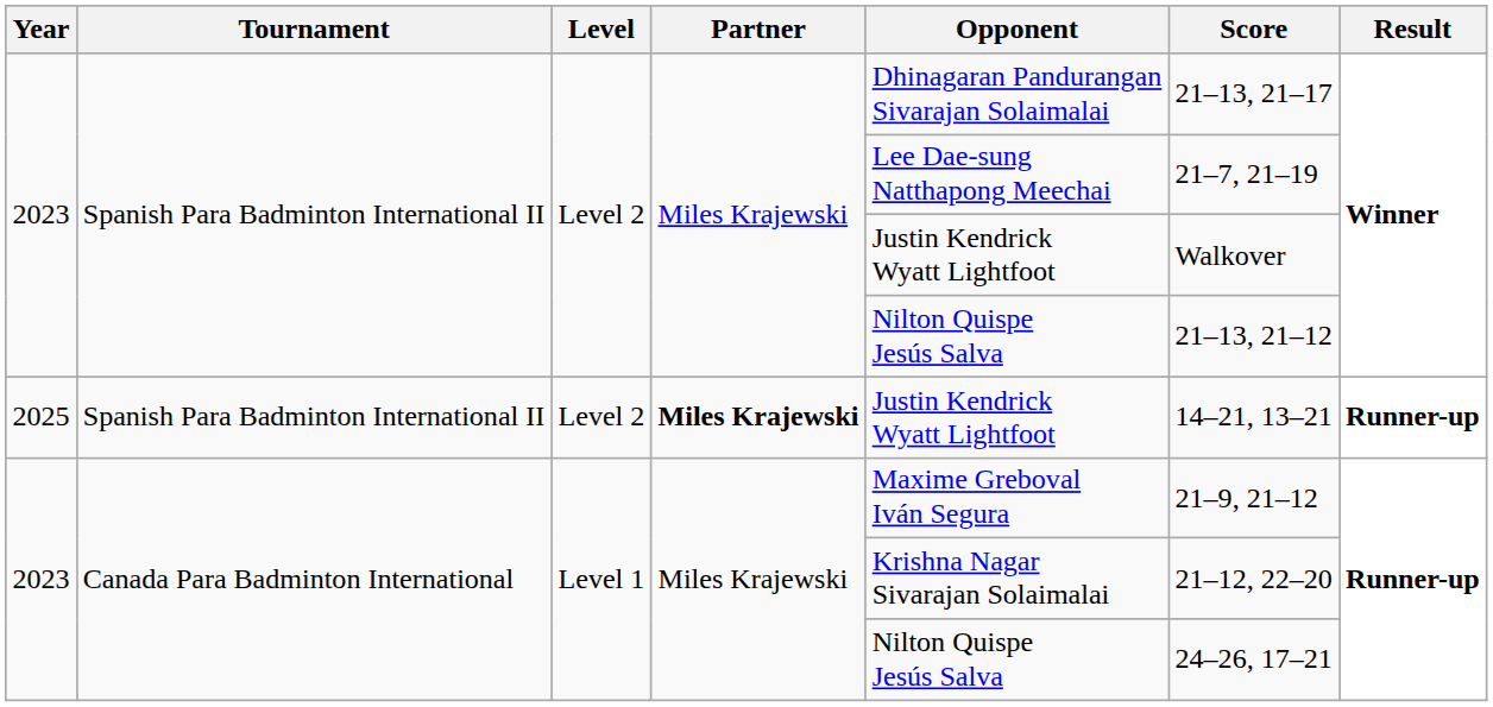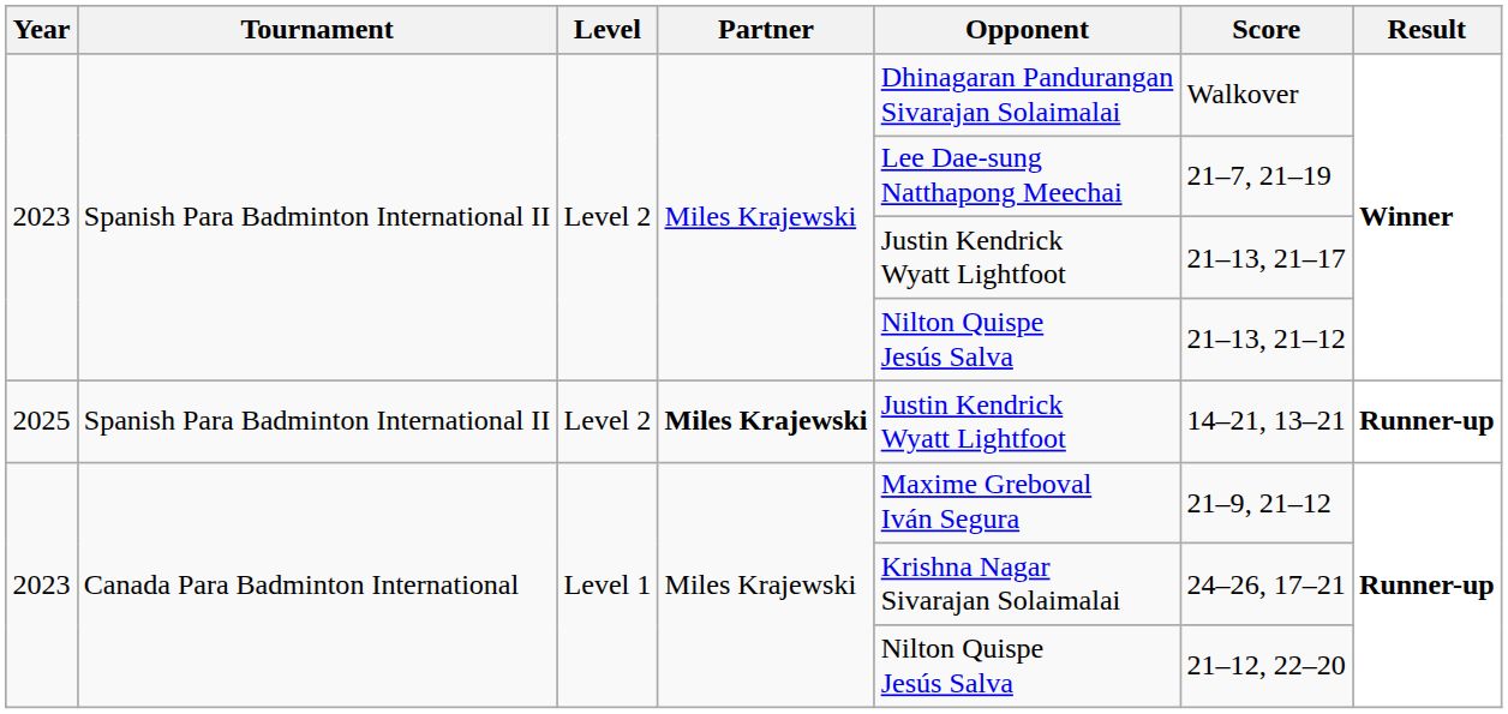 <table class="sortable wikitable" style="font-size: 90%;">
 <tr>
 <th>Year</th>
 <th>Tournament</th>
 <th>Level</th>
 <th>Partner</th>
 <th>Opponent</th>
 <th>Score</th>
 <th>Result</th>
 </tr>
 <tr>
 <td rowspan="4" align="center">2023</td>
 <td rowspan="4" align="left">Spanish Para Badminton International II</td>
 <td rowspan="4" align="left">Level 2</td>
 <td rowspan="4"> <a href='#'>Miles Krajewski</a></td>
 <td align="left"> <a href='#'>Dhinagaran Pandurangan</a><br> <a href='#'>Sivarajan Solaimalai</a></td>
-<td align="left">21–13, 21–17</td>
+<td align="left">Walkover</td>
 <td rowspan="4" style="text-align:left; background:white"> <strong>Winner</strong></td>
 </tr>
 <tr>
 <td align="left"> <a href='#'>Lee Dae-sung</a><br> <a href='#'>Natthapong Meechai</a></td>
 <td align="left">21–7, 21–19</td>
 </tr>
 <tr>
 <td align="left"> Justin Kendrick<br> Wyatt Lightfoot</td>
-<td align="left">Walkover</td>
+<td align="left">21–13, 21–17</td>
 </tr>
 <tr>
 <td align="left"> <a href='#'>Nilton Quispe</a><br> <a href='#'>Jesús Salva</a></td>
 <td align="left">21–13, 21–12</td>
 </tr>
 <tr>
 <td align="center">2025</td>
 <td align="left">Spanish Para Badminton International II</td>
 <td align="left">Level 2</td>
 <td align="left"><strong> Miles Krajewski</strong></td>
 <td align="left"> <a href='#'>Justin Kendrick</a><br> <a href='#'>Wyatt Lightfoot</a></td>
 <td align="left">14–21, 13–21</td>
 <td style="text-align:left; background:white"> <strong>Runner-up</strong></td>
 </tr>
 <tr>
 <td rowspan="3" align="center">2023</td>
 <td rowspan="3" align="left">Canada Para Badminton International</td>
 <td rowspan="3" align="left">Level 1</td>
 <td rowspan="3" align="left"> Miles Krajewski</td>
 <td align="left"> <a href='#'>Maxime Greboval</a><br> <a href='#'>Iván Segura</a></td>
 <td align="left">21–9, 21–12</td>
 <td rowspan="3" style="text-align:left; background:white"> <strong>Runner-up</strong></td>
 </tr>
 <tr>
 <td align="left"> <a href='#'>Krishna Nagar</a><br> Sivarajan Solaimalai</td>
-<td align="left">21–12, 22–20</td>
+<td align="left">24–26, 17–21</td>
 </tr>
 <tr>
 <td align="left"> Nilton Quispe<br> <a href='#'>Jesús Salva</a></td>
-<td align="left">24–26, 17–21</td>
+<td align="left">21–12, 22–20</td>
 </tr>
 </table>
